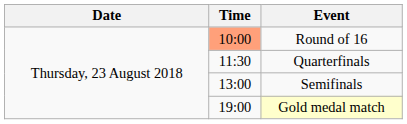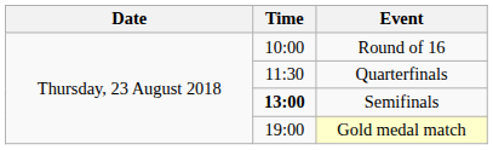 <table class = "wikitable" style="text-align:center;">
 <tr>
 <th width=220>Date</th>
 <th width=50>Time</th>
 <th width=150>Event</th>
 </tr>
 <tr>
 <td rowspan=4>Thursday, 23 August 2018</td>
-<td style="background: lightsalmon;">10:00</td>
+<td>10:00</td>
 <td>Round of 16</td>
 </tr>
 <tr>
 <td>11:30</td>
 <td>Quarterfinals</td>
 </tr>
 <tr>
-<td>13:00</td>
+<td><strong>13:00</strong></td>
 <td>Semifinals</td>
 </tr>
 <tr>
 <td>19:00</td>
 <td bgcolor=ffffcc>Gold medal match</td>
 </tr>
 </table>
